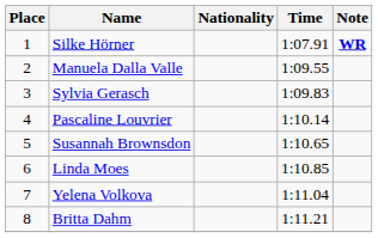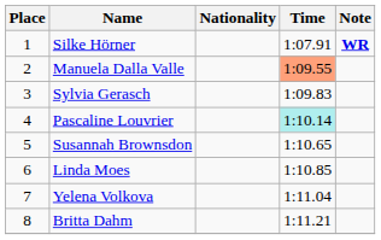 <table class=wikitable style="text-align:center">
 <tr>
 <th>Place</th>
 <th>Name</th>
 <th>Nationality</th>
 <th>Time</th>
 <th>Note</th>
 </tr>
 <tr>
 <td>1</td>
 <td align=left><a href='#'>Silke Hörner</a></td>
 <td align=left></td>
 <td>1:07.91</td>
 <td><strong><a href='#'>WR</a></strong></td>
 </tr>
 <tr>
 <td>2</td>
 <td align=left><a href='#'>Manuela Dalla Valle</a></td>
 <td align=left></td>
-<td>1:09.55</td>
+<td style="background: lightsalmon;">1:09.55</td>
 <td></td>
 </tr>
 <tr>
 <td>3</td>
 <td align=left><a href='#'>Sylvia Gerasch</a></td>
 <td align=left></td>
 <td>1:09.83</td>
 <td></td>
 </tr>
 <tr>
 <td>4</td>
 <td align=left><a href='#'>Pascaline Louvrier</a></td>
 <td align=left></td>
-<td>1:10.14</td>
+<td style="background: paleturquoise;">1:10.14</td>
 <td></td>
 </tr>
 <tr>
 <td>5</td>
 <td align=left><a href='#'>Susannah Brownsdon</a></td>
 <td align=left></td>
 <td>1:10.65</td>
 <td></td>
 </tr>
 <tr>
 <td>6</td>
 <td align=left><a href='#'>Linda Moes</a></td>
 <td align=left></td>
 <td>1:10.85</td>
 <td></td>
 </tr>
 <tr>
 <td>7</td>
 <td align=left><a href='#'>Yelena Volkova</a></td>
 <td align=left></td>
 <td>1:11.04</td>
 <td></td>
 </tr>
 <tr>
 <td>8</td>
 <td align=left><a href='#'>Britta Dahm</a></td>
 <td align=left></td>
 <td>1:11.21</td>
 <td></td>
 </tr>
 <tr>
 </tr>
 </table>
